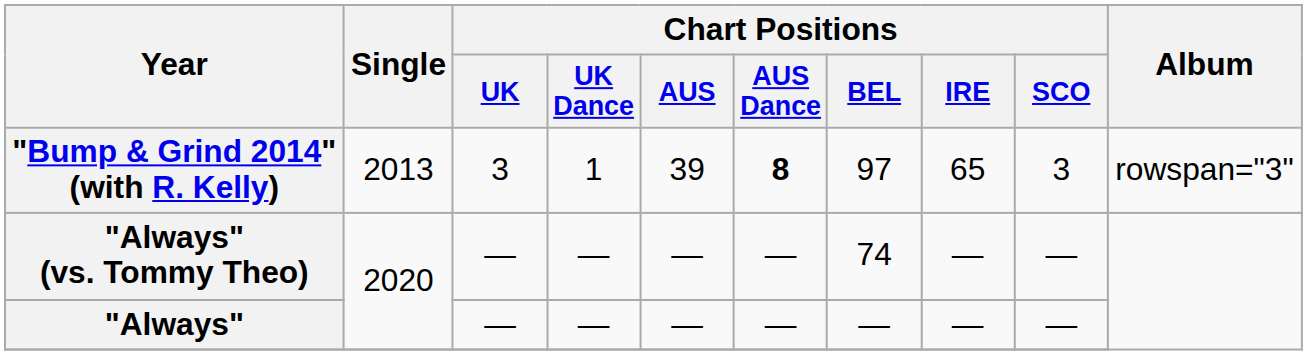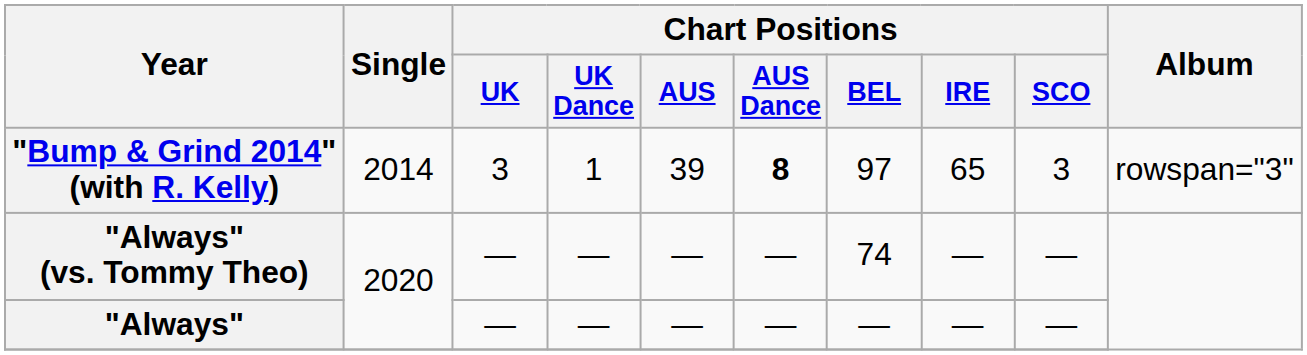 <table class="wikitable plainrowheaders" style="text-align:center;">
 <tr>
 <th scope="col" rowspan="2">Year</th>
 <th scope="col" rowspan="2">Single</th>
 <th scope="col" colspan="7">Chart Positions</th>
 <th scope="col" rowspan="2">Album</th>
 </tr>
 <tr>
 <th scope="col" style="width:3em;font-size:85%;"><a href='#'>UK</a><br></th>
 <th scope="col" style="width:3em;font-size:85%;"><a href='#'>UK Dance</a></th>
 <th scope="col" style="width:3em;font-size:85%;"><a href='#'>AUS</a></th>
 <th scope="col" style="width:3em;font-size:85%;"><a href='#'>AUS Dance</a></th>
 <th scope="col" style="width:3em;font-size:85%;"><a href='#'>BEL</a><br></th>
 <th scope="col" style="width:3em;font-size:85%;"><a href='#'>IRE</a></th>
 <th scope="col" style="width:3em;font-size:85%;"><a href='#'>SCO</a></th>
 </tr>
 <tr>
 <th scope="row">"<a href='#'>Bump & Grind 2014</a>"<br><span>(with <a href='#'>R. Kelly</a>)</span></th>
-<td>2013</td>
+<td>2014</td>
 <td>3</td>
 <td>1</td>
 <td>39</td>
 <td><strong>8</strong></td>
 <td>97</td>
 <td>65</td>
 <td>3</td>
 <td>rowspan="3" </td>
 </tr>
 <tr>
 <th scope="row">"Always"<br><span>(vs. Tommy Theo)</span></th>
 <td rowspan="2">2020</td>
 <td>—</td>
 <td>—</td>
 <td>—</td>
 <td>—</td>
 <td>74</td>
 <td>—</td>
 <td>—</td>
 </tr>
 <tr>
 <th scope="row">"Always"<br></th>
 <td>—</td>
 <td>—</td>
 <td>—</td>
 <td>—</td>
 <td>—</td>
 <td>—</td>
 <td>—</td>
 </tr>
 <tr>
 </tr>
 </table>
